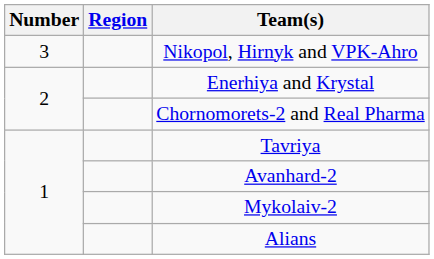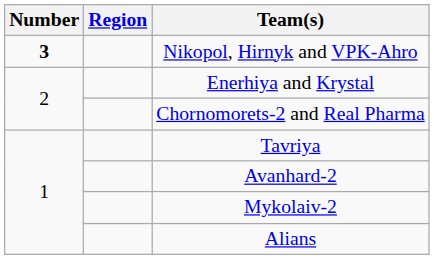 <table class="wikitable" style="text-align:center">
 <tr>
 <th>Number</th>
 <th><a href='#'>Region</a></th>
 <th>Team(s)</th>
 </tr>
 <tr>
-<td>3</td>
+<td><strong>3</strong></td>
 <td align="left"></td>
 <td><a href='#'>Nikopol</a>, <a href='#'>Hirnyk</a> and <a href='#'>VPK-Ahro</a></td>
 </tr>
 <tr>
 <td rowspan="2">2</td>
 <td align="left"></td>
 <td><a href='#'>Enerhiya</a> and <a href='#'>Krystal</a></td>
 </tr>
 <tr>
 <td align="left"></td>
 <td><a href='#'>Chornomorets-2</a> and <a href='#'>Real Pharma</a></td>
 </tr>
 <tr>
 <td rowspan="4">1</td>
 <td align="left"></td>
 <td><a href='#'>Tavriya</a></td>
 </tr>
 <tr>
 <td align="left"></td>
 <td><a href='#'>Avanhard-2</a></td>
 </tr>
 <tr>
 <td align="left"></td>
 <td><a href='#'>Mykolaiv-2</a></td>
 </tr>
 <tr>
 <td align="left"></td>
 <td><a href='#'>Alians</a></td>
 </tr>
 </table>
